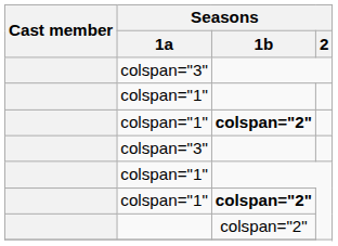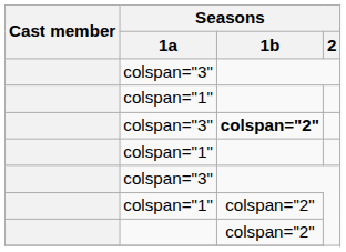 <table class="wikitable sortable" style="text-align:center">
 <tr>
 <th rowspan="2">Cast member</th>
 <th colspan="3">Seasons</th>
 </tr>
 <tr>
 <th>1a</th>
 <th>1b</th>
 <th>2</th>
 </tr>
 <tr>
 <th scope="row"></th>
 <td>colspan="3" </td>
 </tr>
 <tr>
 <th scope="row"></th>
 <td>colspan="1" </td>
 <td></td>
 <td></td>
 </tr>
 <tr>
 <th scope="row"></th>
-<td>colspan="1" </td>
+<td>colspan="3" </td>
 <td><strong>colspan="2" </strong></td>
 </tr>
 <tr>
 <th scope="row"></th>
-<td>colspan="3" </td>
+<td>colspan="1" </td>
 <td></td>
 <td></td>
 </tr>
 <tr>
 <th scope="row"></th>
-<td>colspan="1" </td>
+<td>colspan="3" </td>
 </tr>
 <tr>
 <th scope="row"></th>
 <td>colspan="1" </td>
-<td><strong>colspan="2" </strong></td>
+<td>colspan="2" </td>
 </tr>
 <tr>
 <th scope="row"></th>
 <td></td>
 <td>colspan="2" </td>
 </tr>
 <tr>
 </tr>
 </table>
